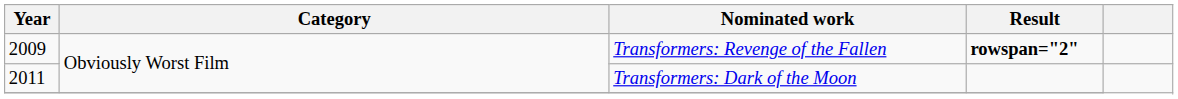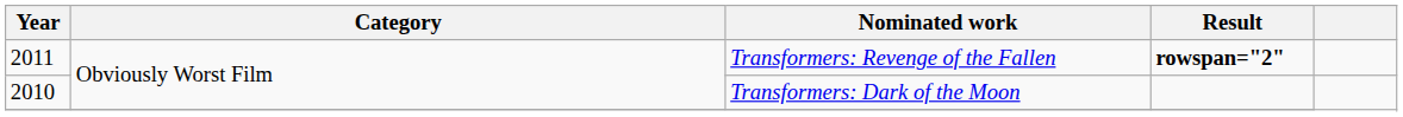 <table class=wikitable>
 <tr>
 <th width=4%>Year</th>
 <th width=40%>Category</th>
 <th width=26%>Nominated work</th>
 <th width=10%>Result</th>
 <th width=5%></th>
 </tr>
 <tr>
-<td>2009</td>
+<td>2011</td>
 <td rowspan="2">Obviously Worst Film</td>
 <td><em><a href='#'>Transformers: Revenge of the Fallen</a></em></td>
 <td><strong>rowspan="2" </strong></td>
 <td></td>
 </tr>
 <tr>
-<td>2011</td>
+<td>2010</td>
 <td><em><a href='#'>Transformers: Dark of the Moon</a></em></td>
 <td></td>
 </tr>
 <tr>
 </tr>
 </table>
